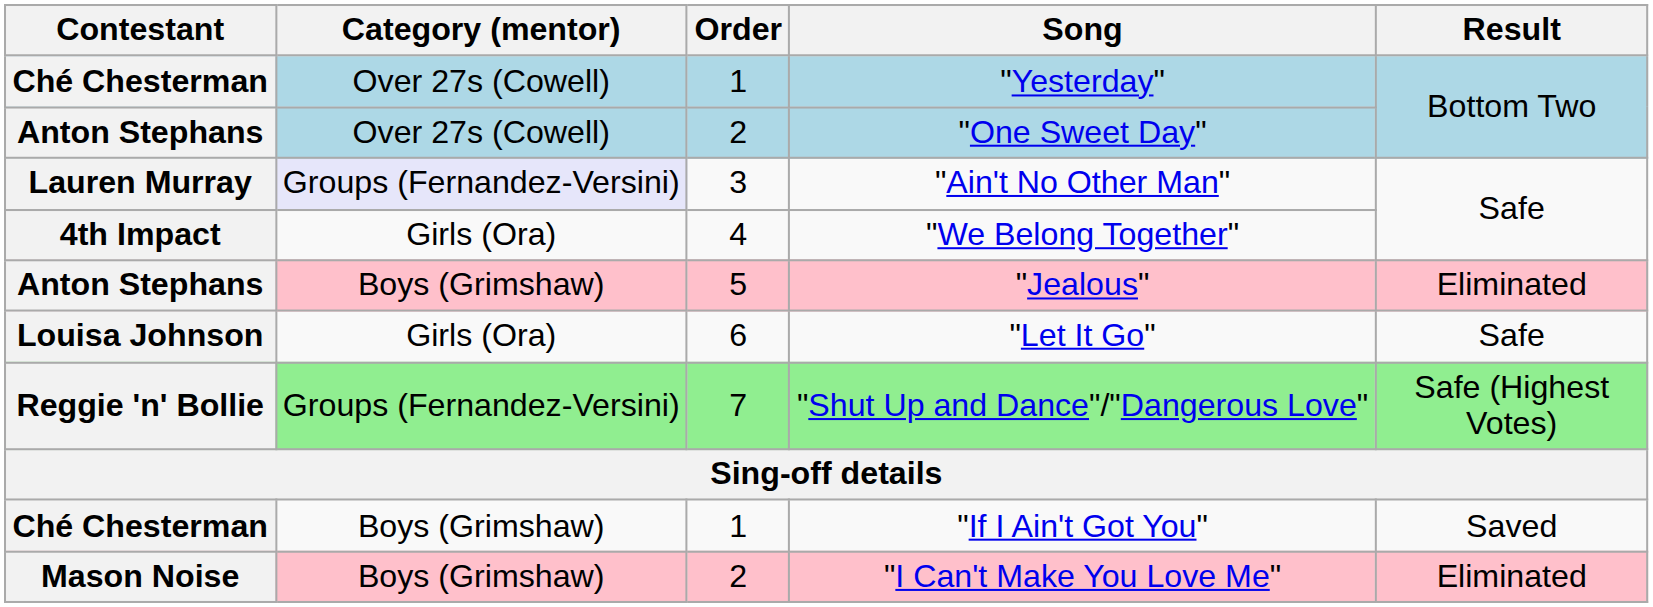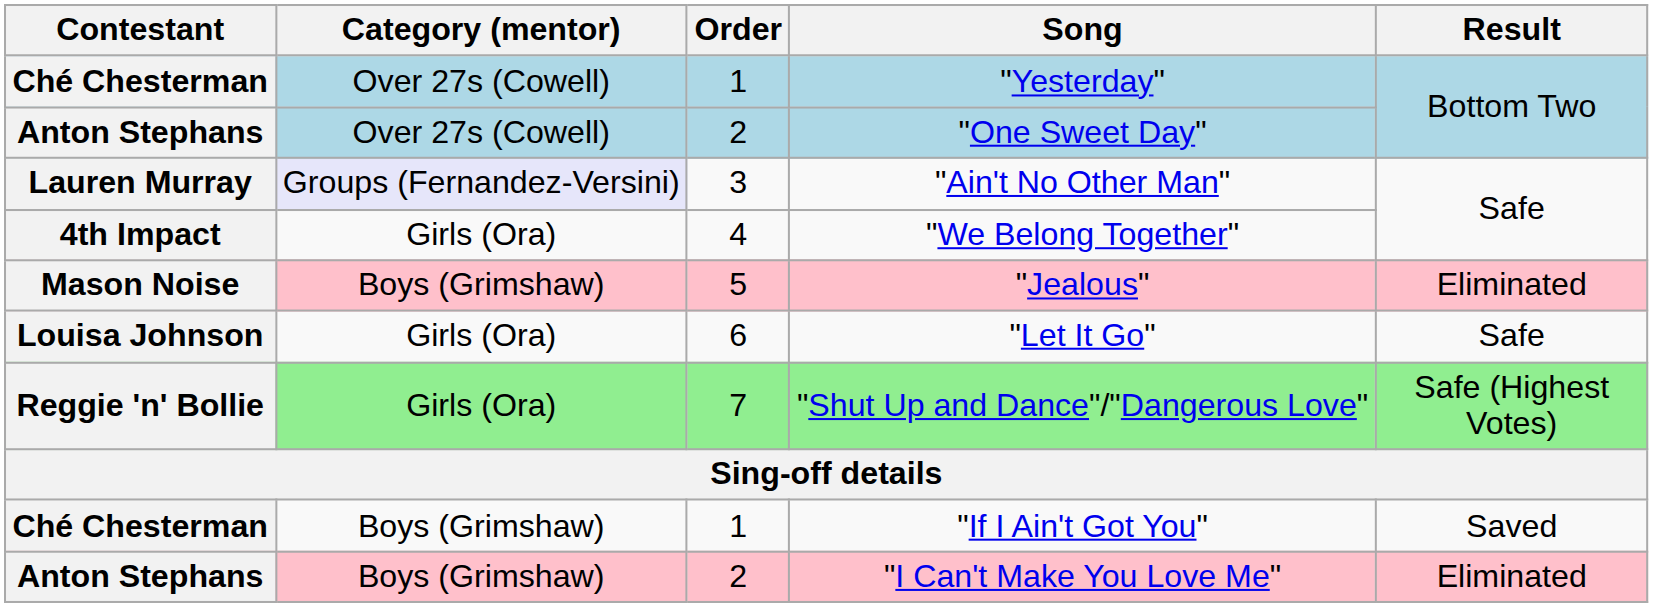 <table class="wikitable plainrowheaders" style="text-align:center;">
 <tr>
 <th scope="col">Contestant</th>
 <th scope="col">Category (mentor)</th>
 <th scope="col">Order</th>
 <th scope="col">Song</th>
 <th scope="col" style="width:8em;">Result</th>
 </tr>
 <tr style="background:lightblue;">
 <th scope="row">Ché Chesterman</th>
 <td>Over 27s (Cowell)</td>
 <td>1</td>
 <td>"<a href='#'>Yesterday</a>"</td>
 <td rowspan=2>Bottom Two</td>
 </tr>
 <tr style="background:lightblue;">
 <th scope="row">Anton Stephans</th>
 <td>Over 27s (Cowell)</td>
 <td>2</td>
 <td>"<a href='#'>One Sweet Day</a>"</td>
 </tr>
 <tr>
 <th scope="row">Lauren Murray</th>
 <td style="background: lavender;">Groups (Fernandez-Versini)</td>
 <td>3</td>
 <td>"<a href='#'>Ain't No Other Man</a>"</td>
 <td rowspan=2>Safe</td>
 </tr>
 <tr>
 <th scope="row">4th Impact</th>
 <td>Girls (Ora)</td>
 <td>4</td>
 <td>"<a href='#'>We Belong Together</a>"</td>
 </tr>
 <tr style="background:pink;">
-<th scope="row">Anton Stephans</th>
+<th scope="row">Mason Noise</th>
 <td>Boys (Grimshaw)</td>
 <td>5</td>
 <td>"<a href='#'>Jealous</a>"</td>
 <td>Eliminated</td>
 </tr>
 <tr>
 <th scope="row">Louisa Johnson</th>
 <td>Girls (Ora)</td>
 <td>6</td>
 <td>"<a href='#'>Let It Go</a>"</td>
 <td>Safe</td>
 </tr>
 <tr style="background:lightgreen;">
 <th scope="row">Reggie 'n' Bollie</th>
-<td>Groups (Fernandez-Versini)</td>
+<td>Girls (Ora)</td>
 <td>7</td>
 <td>"<a href='#'>Shut Up and Dance</a>"/"<a href='#'>Dangerous Love</a>"</td>
 <td>Safe (Highest Votes)</td>
 </tr>
 <tr>
 <th colspan="5">Sing-off details</th>
 </tr>
 <tr>
 <th scope="row">Ché Chesterman</th>
 <td>Boys (Grimshaw)</td>
 <td>1</td>
 <td>"<a href='#'>If I Ain't Got You</a>"</td>
 <td>Saved</td>
 </tr>
 <tr style="background:pink;">
-<th scope="row">Mason Noise</th>
+<th scope="row">Anton Stephans</th>
 <td>Boys (Grimshaw)</td>
 <td>2</td>
 <td>"<a href='#'>I Can't Make You Love Me</a>"</td>
 <td>Eliminated</td>
 </tr>
 </table>
